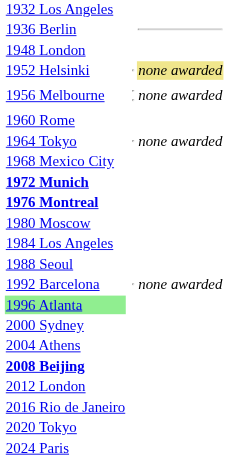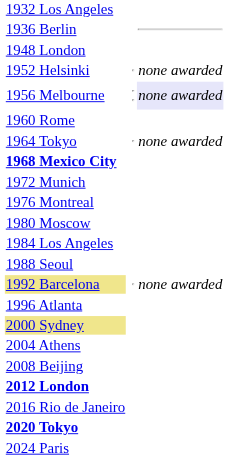 <table>
 <tr>
 <td><a href='#'>1932 Los Angeles</a><br></td>
 <td></td>
 <td></td>
 <td></td>
 </tr>
 <tr>
 <td><a href='#'>1936 Berlin</a><br></td>
 <td></td>
 <td></td>
 <td><hr></td>
 </tr>
 <tr>
 <td><a href='#'>1948 London</a><br></td>
 <td></td>
 <td></td>
 <td></td>
 </tr>
 <tr>
 <td><a href='#'>1952 Helsinki</a><br></td>
 <td></td>
 <td><hr></td>
-<td align="center" style="background: khaki;"><em>none awarded</em></td>
+<td align="center"><em>none awarded</em></td>
 </tr>
 <tr>
 <td><a href='#'>1956 Melbourne</a><br></td>
 <td></td>
 <td><hr><hr></td>
-<td align="center"><em>none awarded</em></td>
+<td align="center" style="background: lavender;"><em>none awarded</em></td>
 </tr>
 <tr>
 <td><a href='#'>1960 Rome</a><br></td>
 <td></td>
 <td></td>
 <td></td>
 </tr>
 <tr>
 <td><a href='#'>1964 Tokyo</a><br></td>
 <td></td>
 <td><hr></td>
 <td align="center"><em>none awarded</em></td>
 </tr>
 <tr>
-<td><a href='#'>1968 Mexico City</a><br></td>
+<td><strong><a href='#'>1968 Mexico City</a><br></strong></td>
 <td></td>
 <td></td>
 <td></td>
 </tr>
 <tr>
-<td><strong><a href='#'>1972 Munich</a><br></strong></td>
+<td><a href='#'>1972 Munich</a><br></td>
 <td></td>
 <td></td>
 <td></td>
 </tr>
 <tr>
-<td><strong><a href='#'>1976 Montreal</a><br></strong></td>
+<td><a href='#'>1976 Montreal</a><br></td>
 <td></td>
 <td></td>
 <td></td>
 </tr>
 <tr>
 <td><a href='#'>1980 Moscow</a><br></td>
 <td></td>
 <td></td>
 <td></td>
 </tr>
 <tr>
 <td rowspan="2"><a href='#'>1984 Los Angeles</a><br></td>
 <td rowspan="2"></td>
 <td rowspan="2"></td>
 <td></td>
 </tr>
 <tr>
 <td></td>
 </tr>
 <tr>
 <td rowspan="2"><a href='#'>1988 Seoul</a><br></td>
 <td rowspan="2"></td>
 <td rowspan="2"></td>
 <td></td>
 </tr>
 <tr>
 <td></td>
 </tr>
 <tr>
-<td><a href='#'>1992 Barcelona</a><br></td>
+<td style="background: khaki;"><a href='#'>1992 Barcelona</a><br></td>
 <td></td>
 <td><hr></td>
 <td align="center"><em>none awarded</em></td>
 </tr>
 <tr>
-<td style="background: lightgreen;"><a href='#'>1996 Atlanta</a><br></td>
+<td><a href='#'>1996 Atlanta</a><br></td>
 <td></td>
 <td></td>
 <td></td>
 </tr>
 <tr>
-<td><a href='#'>2000 Sydney</a><br></td>
+<td style="background: khaki;"><a href='#'>2000 Sydney</a><br></td>
 <td></td>
 <td></td>
 <td></td>
 </tr>
 <tr>
 <td><a href='#'>2004 Athens</a><br></td>
 <td></td>
 <td></td>
 <td></td>
 </tr>
 <tr>
-<td><strong><a href='#'>2008 Beijing</a><br></strong></td>
+<td><a href='#'>2008 Beijing</a><br></td>
 <td></td>
 <td></td>
 <td></td>
 </tr>
 <tr>
-<td><a href='#'>2012 London</a><br></td>
+<td><strong><a href='#'>2012 London</a><br></strong></td>
 <td></td>
 <td></td>
 <td></td>
 </tr>
 <tr>
 <td><a href='#'>2016 Rio de Janeiro</a><br></td>
 <td></td>
 <td></td>
 <td></td>
 </tr>
 <tr>
-<td><a href='#'>2020 Tokyo</a><br></td>
+<td><strong><a href='#'>2020 Tokyo</a><br></strong></td>
 <td></td>
 <td></td>
 <td></td>
 </tr>
 <tr>
 <td><a href='#'>2024 Paris</a><br></td>
 <td></td>
 <td></td>
 <td></td>
 </tr>
 </table>
